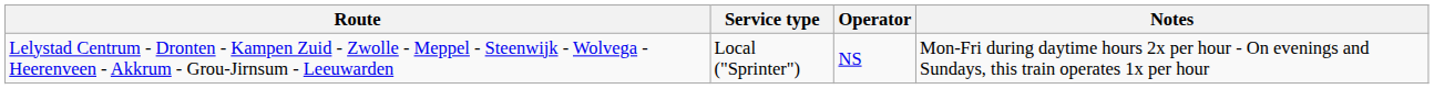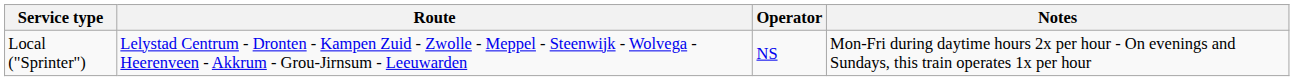 <table class="wikitable">
 <tr>
+<th>Service type</th>
 <th>Route</th>
-<th>Service type</th>
 <th>Operator</th>
 <th>Notes</th>
 </tr>
 <tr>
+<td>Local ("Sprinter")</td>
 <td><a href='#'>Lelystad Centrum</a> - <a href='#'>Dronten</a> - <a href='#'>Kampen Zuid</a> - <a href='#'>Zwolle</a> - <a href='#'>Meppel</a> - <a href='#'>Steenwijk</a> - <a href='#'>Wolvega</a> - <a href='#'>Heerenveen</a> - <a href='#'>Akkrum</a> - Grou-Jirnsum - <a href='#'>Leeuwarden</a></td>
-<td>Local ("Sprinter")</td>
 <td><a href='#'>NS</a></td>
 <td>Mon-Fri during daytime hours 2x per hour - On evenings and Sundays, this train operates 1x per hour</td>
 </tr>
 </table>
